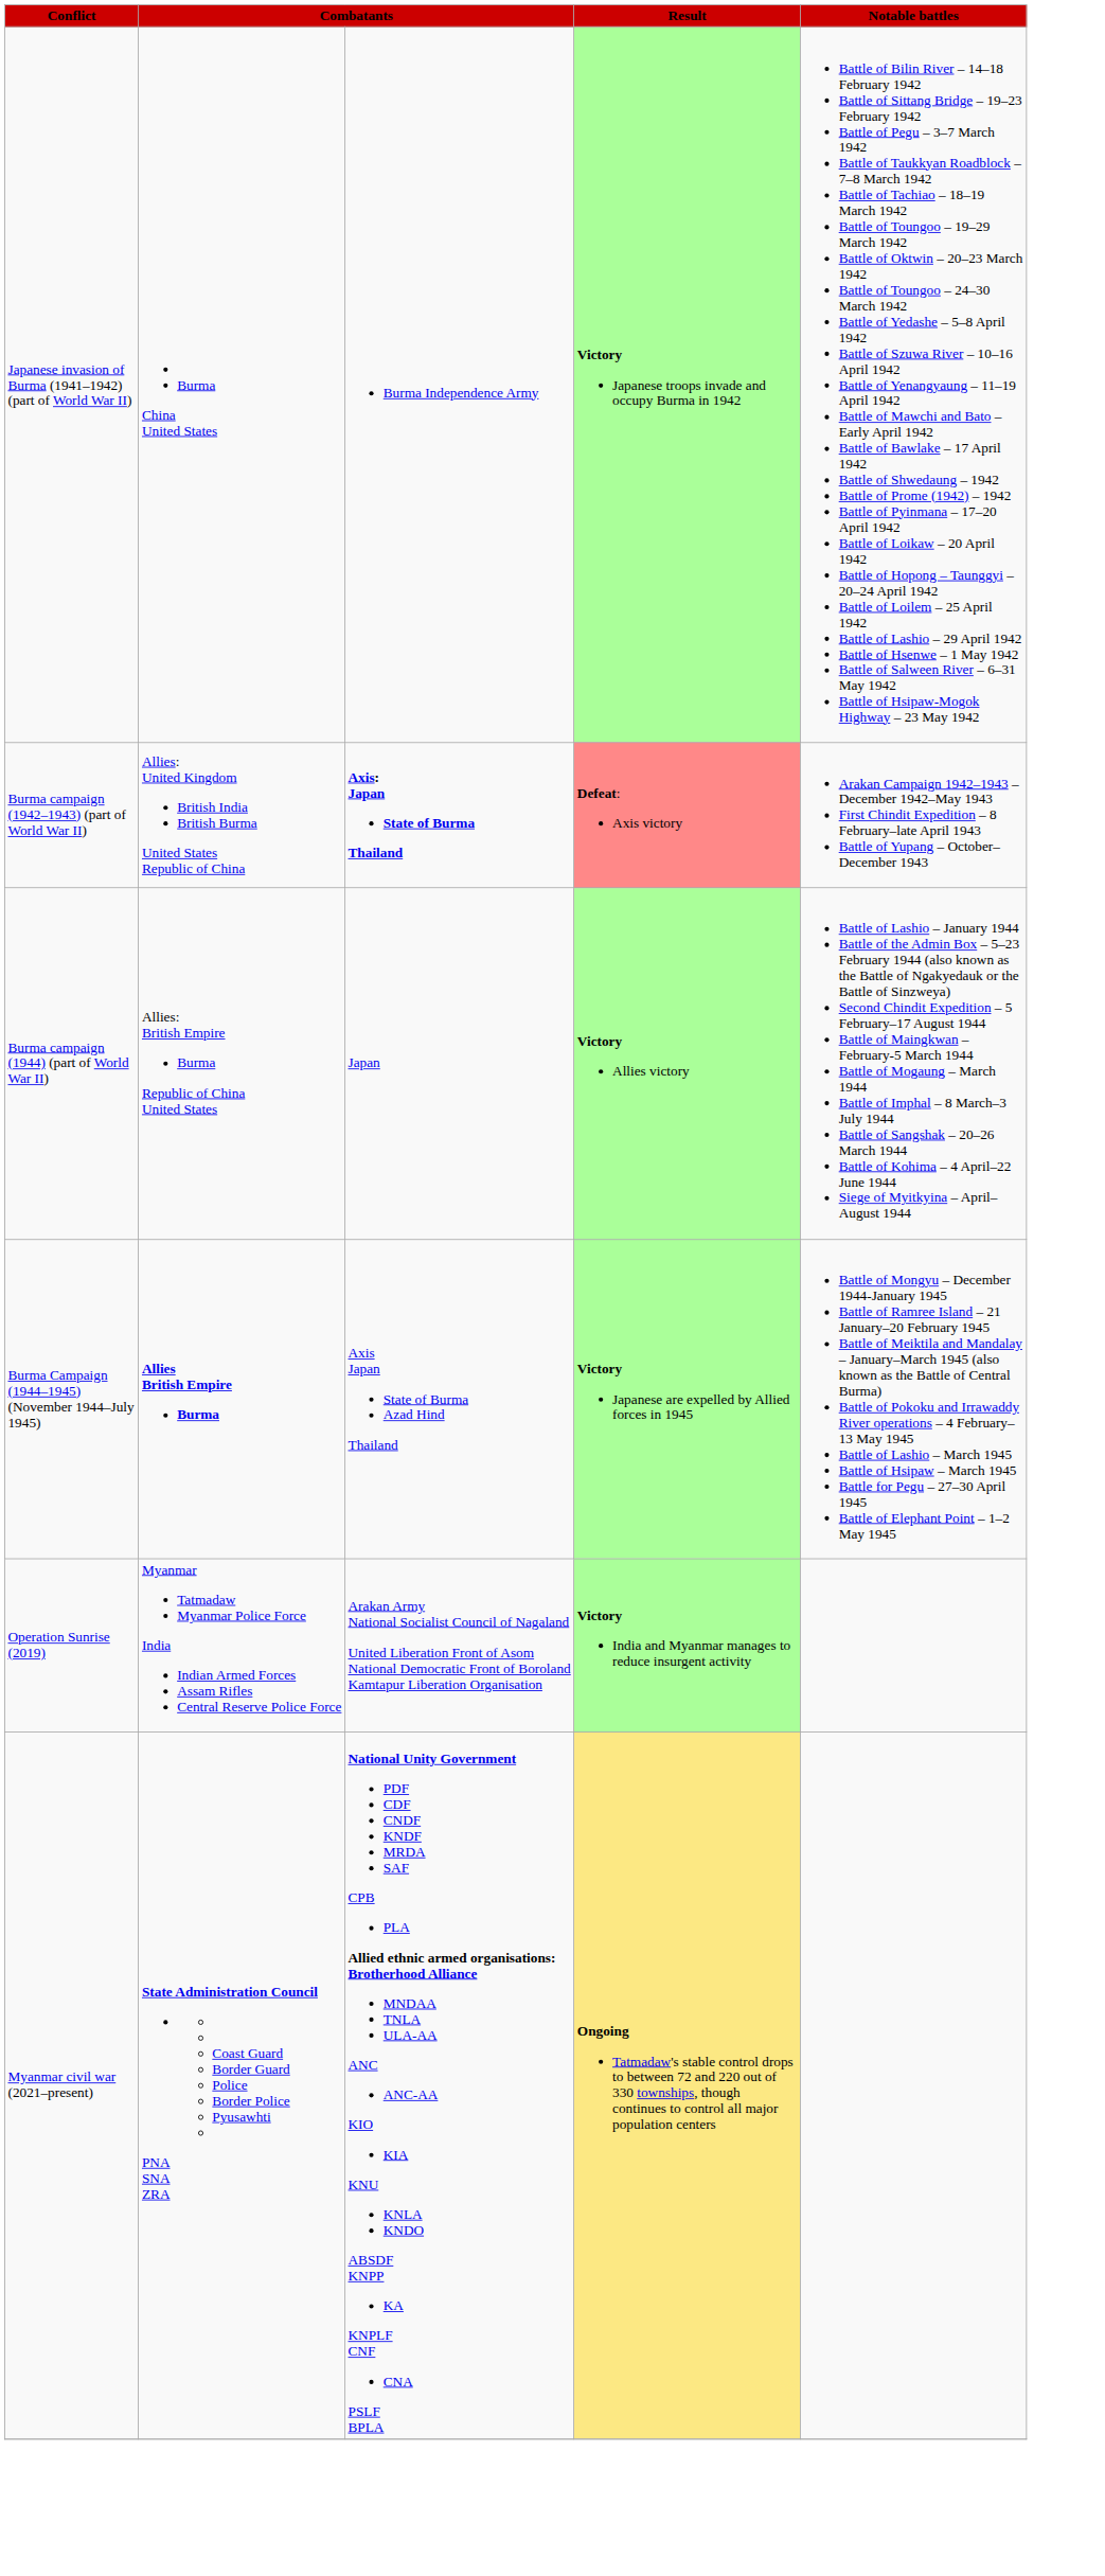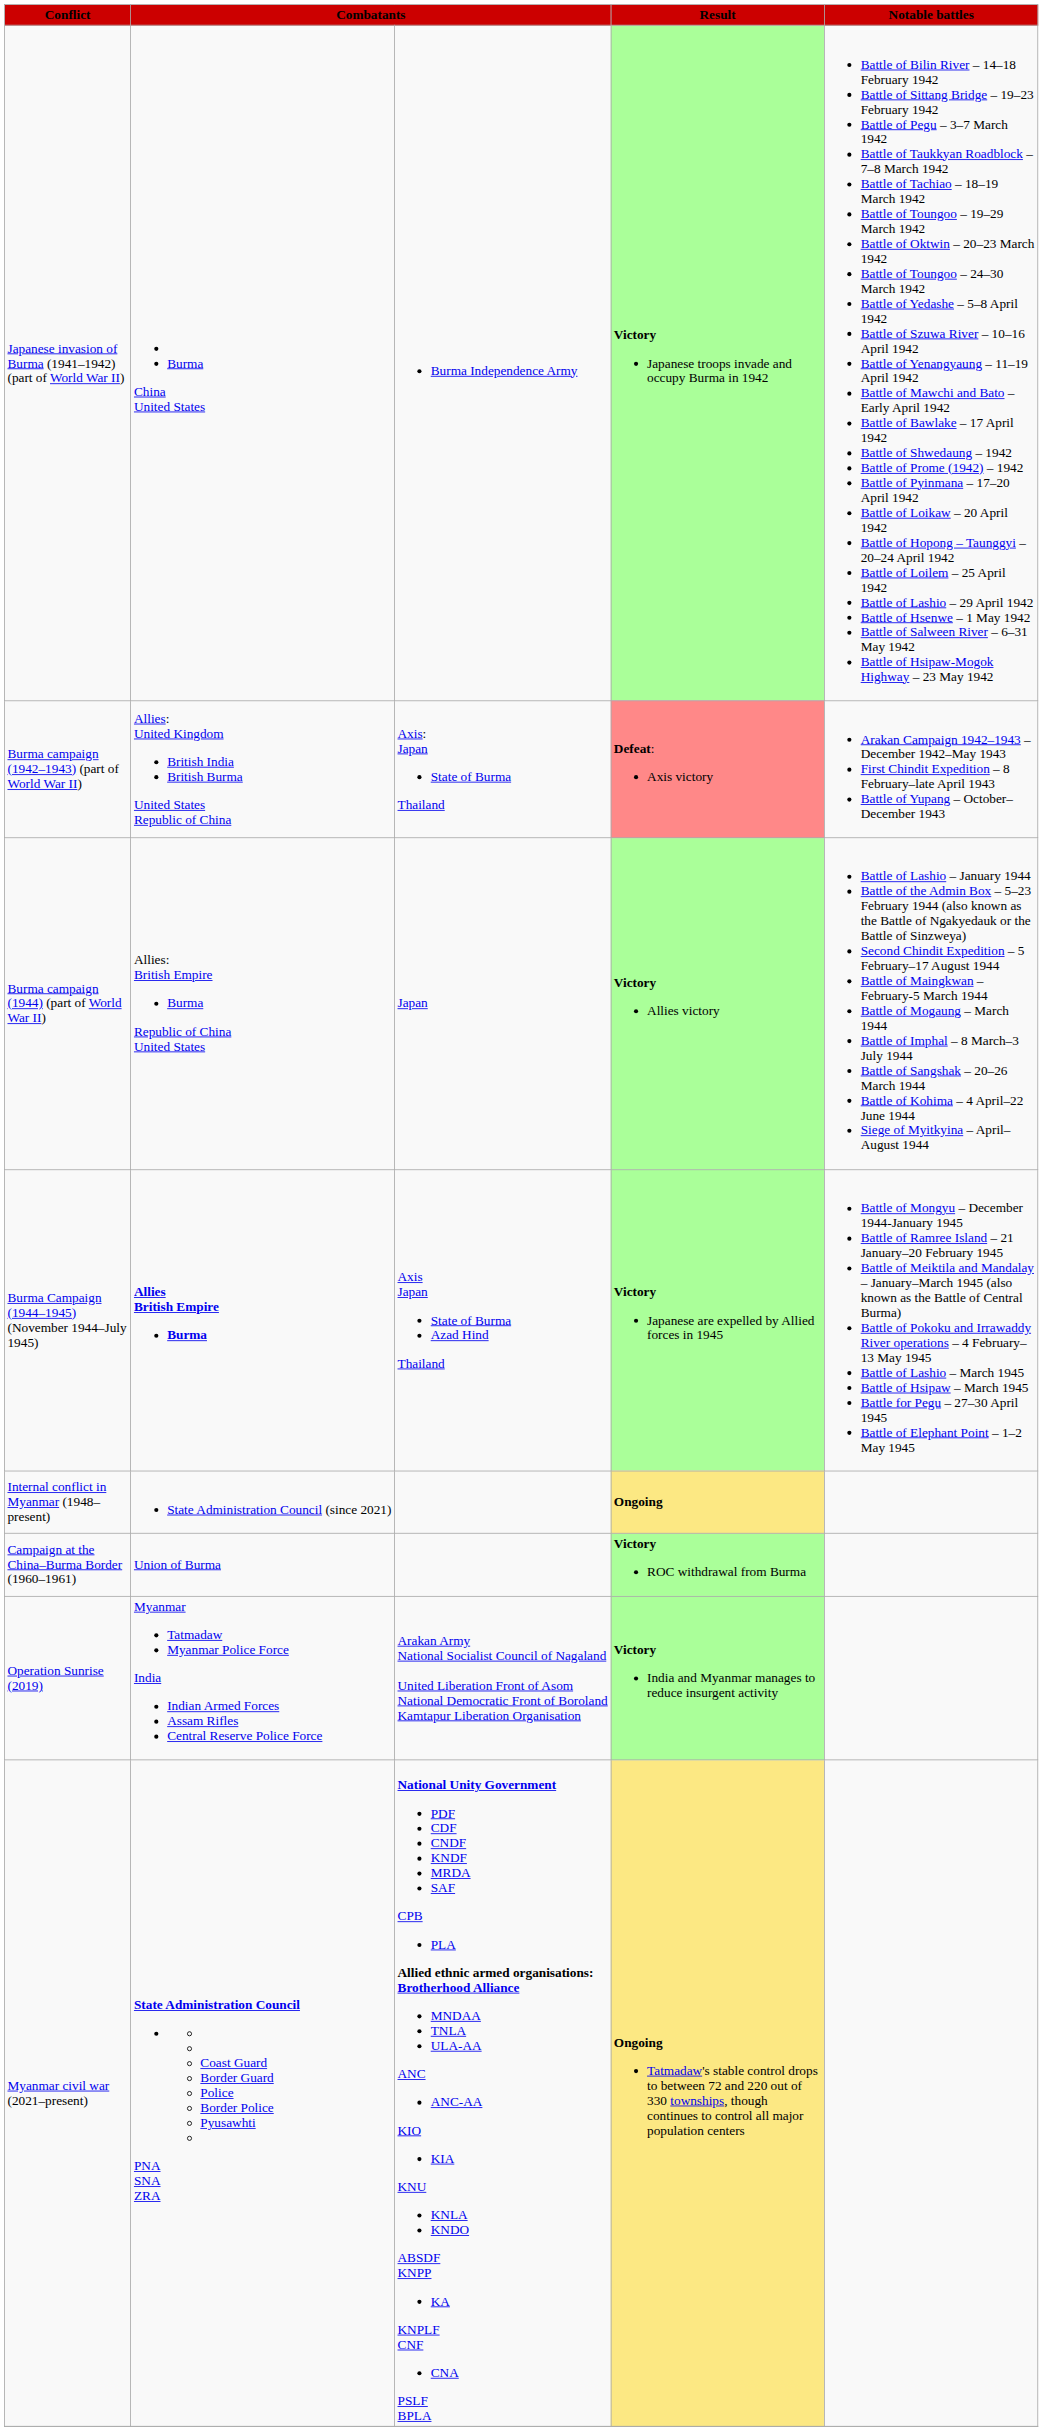 <table class="wikitable">
 <tr>
 <th style="background:#CC0000" width="145"><span>Conflict</span></th>
 <th style="background:#CC0000" width="290" colspan="2"><span>Combatants</span></th>
 <th style="background:#CC0000" width="250"><span>Result</span></th>
 <th style="background:#CC0000" width="250"><span>Notable battles</span></th>
 </tr>
 <tr>
 <td><a href='#'>Japanese invasion of Burma</a> (1941–1942) (part of <a href='#'>World War II</a>)</td>
 <td><br><ul><li></li><li> <a href='#'>Burma</a></li></ul> <a href='#'>China</a><br> <a href='#'>United States</a></td>
 <td><br><ul><li> <a href='#'>Burma Independence Army</a></li></ul></td>
 <td style="background:#AF9"><strong>Victory</strong><br><ul><li>Japanese troops invade and occupy Burma in 1942</li></ul></td>
 <td><br><ul><li><a href='#'>Battle of Bilin River</a> – 14–18 February 1942</li><li><a href='#'>Battle of Sittang Bridge</a> – 19–23 February 1942</li><li><a href='#'>Battle of Pegu</a> – 3–7 March 1942</li><li><a href='#'>Battle of Taukkyan Roadblock</a> – 7–8 March 1942</li><li><a href='#'>Battle of Tachiao</a> – 18–19 March 1942</li><li><a href='#'>Battle of Toungoo</a> – 19–29 March 1942</li><li><a href='#'>Battle of Oktwin</a> – 20–23 March 1942</li><li><a href='#'>Battle of Toungoo</a> – 24–30 March 1942</li><li><a href='#'>Battle of Yedashe</a> – 5–8 April 1942</li><li><a href='#'>Battle of Szuwa River</a> – 10–16 April 1942</li><li><a href='#'>Battle of Yenangyaung</a> – 11–19 April 1942</li><li><a href='#'>Battle of Mawchi and Bato</a> – Early April 1942</li><li><a href='#'>Battle of Bawlake</a> – 17 April 1942</li><li><a href='#'>Battle of Shwedaung</a> – 1942</li><li><a href='#'>Battle of Prome (1942)</a> – 1942</li><li><a href='#'>Battle of Pyinmana</a> – 17–20 April 1942</li><li><a href='#'>Battle of Loikaw</a> – 20 April 1942</li><li><a href='#'>Battle of Hopong – Taunggyi</a> – 20–24 April 1942</li><li><a href='#'>Battle of Loilem</a> – 25 April 1942</li><li><a href='#'>Battle of Lashio</a> – 29 April 1942</li><li><a href='#'>Battle of Hsenwe</a> – 1 May 1942</li><li><a href='#'>Battle of Salween River</a> – 6–31 May 1942</li><li><a href='#'>Battle of Hsipaw-Mogok Highway</a> – 23 May 1942</li></ul></td>
 </tr>
 <tr>
 <td><a href='#'>Burma campaign (1942–1943)</a> (part of <a href='#'>World War II</a>)</td>
 <td><a href='#'>Allies</a>:<br> <a href='#'>United Kingdom</a><ul><li> <a href='#'>British India</a></li><li> <a href='#'>British Burma</a></li></ul> <a href='#'>United States</a><br> <a href='#'>Republic of China</a></td>
-<td><strong><a href='#'>Axis</a>:<br> <a href='#'>Japan</a><ul><li> <a href='#'>State of Burma</a></li></ul> <a href='#'>Thailand</a></strong></td>
+<td><a href='#'>Axis</a>:<br> <a href='#'>Japan</a><ul><li> <a href='#'>State of Burma</a></li></ul> <a href='#'>Thailand</a></td>
 <td style="background:#F88"><strong>Defeat</strong>:<br><ul><li>Axis victory</li></ul></td>
 <td><br><ul><li><a href='#'>Arakan Campaign 1942–1943</a> – December 1942–May 1943</li><li><a href='#'>First Chindit Expedition</a> – 8 February–late April 1943</li><li><a href='#'>Battle of Yupang</a> – October–December 1943</li></ul></td>
 </tr>
 <tr>
 <td><a href='#'>Burma campaign (1944)</a> (part of <a href='#'>World War II</a>)</td>
 <td>Allies:<br> <a href='#'>British Empire</a><ul><li> <a href='#'>Burma</a></li></ul> <a href='#'>Republic of China</a><br> <a href='#'>United States</a></td>
 <td> <a href='#'>Japan</a></td>
 <td style="background:#AF9"><strong>Victory</strong><br><ul><li>Allies victory</li></ul></td>
 <td><br><ul><li><a href='#'>Battle of Lashio</a> – January 1944</li><li><a href='#'>Battle of the Admin Box</a> – 5–23 February 1944 (also known as the Battle of Ngakyedauk or the Battle of Sinzweya)</li><li><a href='#'>Second Chindit Expedition</a> – 5 February–17 August 1944</li><li><a href='#'>Battle of Maingkwan</a> – February-5 March 1944</li><li><a href='#'>Battle of Mogaung</a> – March 1944</li><li><a href='#'>Battle of Imphal</a> – 8 March–3 July 1944</li><li><a href='#'>Battle of Sangshak</a> – 20–26 March 1944</li><li><a href='#'>Battle of Kohima</a> – 4 April–22 June 1944</li><li><a href='#'>Siege of Myitkyina</a> – April–August 1944</li></ul></td>
 </tr>
 <tr>
 <td><a href='#'>Burma Campaign (1944–1945)</a> (November 1944–July 1945)</td>
 <td><strong><a href='#'>Allies</a><br> <a href='#'>British Empire</a><ul><li> <a href='#'>Burma</a></li></ul></strong></td>
 <td><a href='#'>Axis</a><br> <a href='#'>Japan</a><ul><li> <a href='#'>State of Burma</a></li><li> <a href='#'>Azad Hind</a></li></ul> <a href='#'>Thailand</a></td>
 <td style="background:#AF9"><strong>Victory</strong><br><ul><li>Japanese are expelled by Allied forces in 1945</li></ul></td>
 <td><br><ul><li><a href='#'>Battle of Mongyu</a> – December 1944-January 1945</li><li><a href='#'>Battle of Ramree Island</a> – 21 January–20 February 1945</li><li><a href='#'>Battle of Meiktila and Mandalay</a> – January–March 1945 (also known as the Battle of Central Burma)</li><li><a href='#'>Battle of Pokoku and Irrawaddy River operations</a> – 4 February–13 May 1945</li><li><a href='#'>Battle of Lashio</a> – March 1945</li><li><a href='#'>Battle of Hsipaw</a> – March 1945</li><li><a href='#'>Battle for Pegu</a> – 27–30 April 1945</li><li><a href='#'>Battle of Elephant Point</a> – 1–2 May 1945</li></ul></td>
 </tr>
 <tr>
+<td><a href='#'>Internal conflict in Myanmar</a> (1948–present)</td>
+<td><br><ul><li> <a href='#'>State Administration Council</a> (since 2021)</li></ul></td>
+<td></td>
+<td style="background:#FCE883"><strong>Ongoing</strong></td>
+<td></td>
+</tr>
+<tr>
+<td><a href='#'>Campaign at the China–Burma Border</a> (1960–1961)</td>
+<td> <a href='#'>Union of Burma</a><br></td>
+<td></td>
+<td style="background:#AF9"><strong>Victory</strong><br><ul><li>ROC withdrawal from Burma</li></ul></td>
+<td></td>
+</tr>
+<tr>
 <td><a href='#'>Operation Sunrise (2019)</a></td>
 <td> <a href='#'>Myanmar</a><br><ul><li> <a href='#'>Tatmadaw</a></li><li> <a href='#'>Myanmar Police Force</a></li></ul> <a href='#'>India</a><ul><li> <a href='#'>Indian Armed Forces</a></li><li> <a href='#'>Assam Rifles</a></li><li><a href='#'>Central Reserve Police Force</a></li></ul></td>
 <td> <a href='#'>Arakan Army</a><br>  <a href='#'>National Socialist Council of Nagaland</a><br><br> <a href='#'>United Liberation Front of Asom</a> <br> <a href='#'>National Democratic Front of Boroland</a> <br> <a href='#'>Kamtapur Liberation Organisation</a></td>
 <td style="background:#AF9"><strong>Victory</strong><br><ul><li>India and Myanmar manages to reduce insurgent activity</li></ul></td>
 <td></td>
 </tr>
 <tr>
 <td><a href='#'>Myanmar civil war</a> (2021–present)</td>
 <td {{plainlist><br> <strong><a href='#'>State Administration Council</a></strong><ul><li><ul><li></li><li></li><li> <a href='#'>Coast Guard</a></li><li> <a href='#'>Border Guard</a></li><li> <a href='#'>Police</a></li><li> <a href='#'>Border Police</a></li><li> <a href='#'>Pyusawhti</a></li><li></li></ul></li></ul> <a href='#'>PNA</a><br> <a href='#'>SNA</a><br> <a href='#'>ZRA</a></td>
 <td {{plainlist><br> <strong><a href='#'>National Unity Government</a></strong><ul><li> <a href='#'>PDF</a></li><li> <a href='#'>CDF</a></li><li> <a href='#'>CNDF</a></li><li> <a href='#'>KNDF</a></li><li> <a href='#'>MRDA</a></li><li> <a href='#'>SAF</a></li></ul> <a href='#'>CPB</a><ul><li> <a href='#'>PLA</a></li></ul><strong>Allied ethnic armed organisations:</strong><br> <strong><a href='#'>Brotherhood Alliance</a></strong><ul><li> <a href='#'>MNDAA</a></li><li> <a href='#'>TNLA</a></li><li> <a href='#'>ULA-AA</a></li></ul> <a href='#'>ANC</a><ul><li> <a href='#'>ANC-AA</a></li></ul> <a href='#'>KIO</a><ul><li> <a href='#'>KIA</a></li></ul> <a href='#'>KNU</a><ul><li> <a href='#'>KNLA</a></li><li> <a href='#'>KNDO</a></li></ul> <a href='#'>ABSDF</a><br>  <a href='#'>KNPP</a><ul><li> <a href='#'>KA</a></li></ul> <a href='#'>KNPLF</a><br> <a href='#'>CNF</a><ul><li> <a href='#'>CNA</a></li></ul> <a href='#'>PSLF</a><br> <a href='#'>BPLA</a></td>
 <td style="background:#FCE883"><strong>Ongoing</strong><br><ul><li><a href='#'>Tatmadaw</a>'s stable control drops to between 72 and 220 out of 330 <a href='#'>townships</a>, though continues to control all major population centers</li></ul></td>
 <td></td>
 </tr>
 <tr>
 </tr>
 </table>
